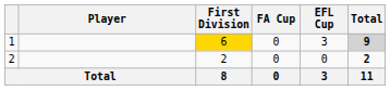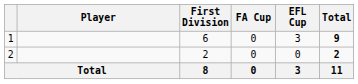 <table class="wikitable sortable" style="font-size: 95%; text-align: center">
 <tr>
 <th width=10></th>
 <th width=200>Player</th>
 <th width=50>First Division</th>
 <th width=50>FA Cup</th>
 <th width=50>EFL Cup</th>
 <th>Total</th>
 </tr>
 <tr>
 <td>1</td>
 <td></td>
-<td style="background: gold;">6</td>
+<td>6</td>
 <td>0</td>
 <td>3</td>
-<td style="background: lightgrey;"><strong>9</strong></td>
+<td><strong>9</strong></td>
 </tr>
 <tr>
 <td>2</td>
 <td></td>
 <td>2</td>
 <td>0</td>
 <td>0</td>
 <td><strong>2</strong></td>
 </tr>
 <tr>
 <th colspan="2">Total</th>
 <th>8</th>
 <th>0</th>
 <th>3</th>
 <th>11</th>
 </tr>
 </table>
